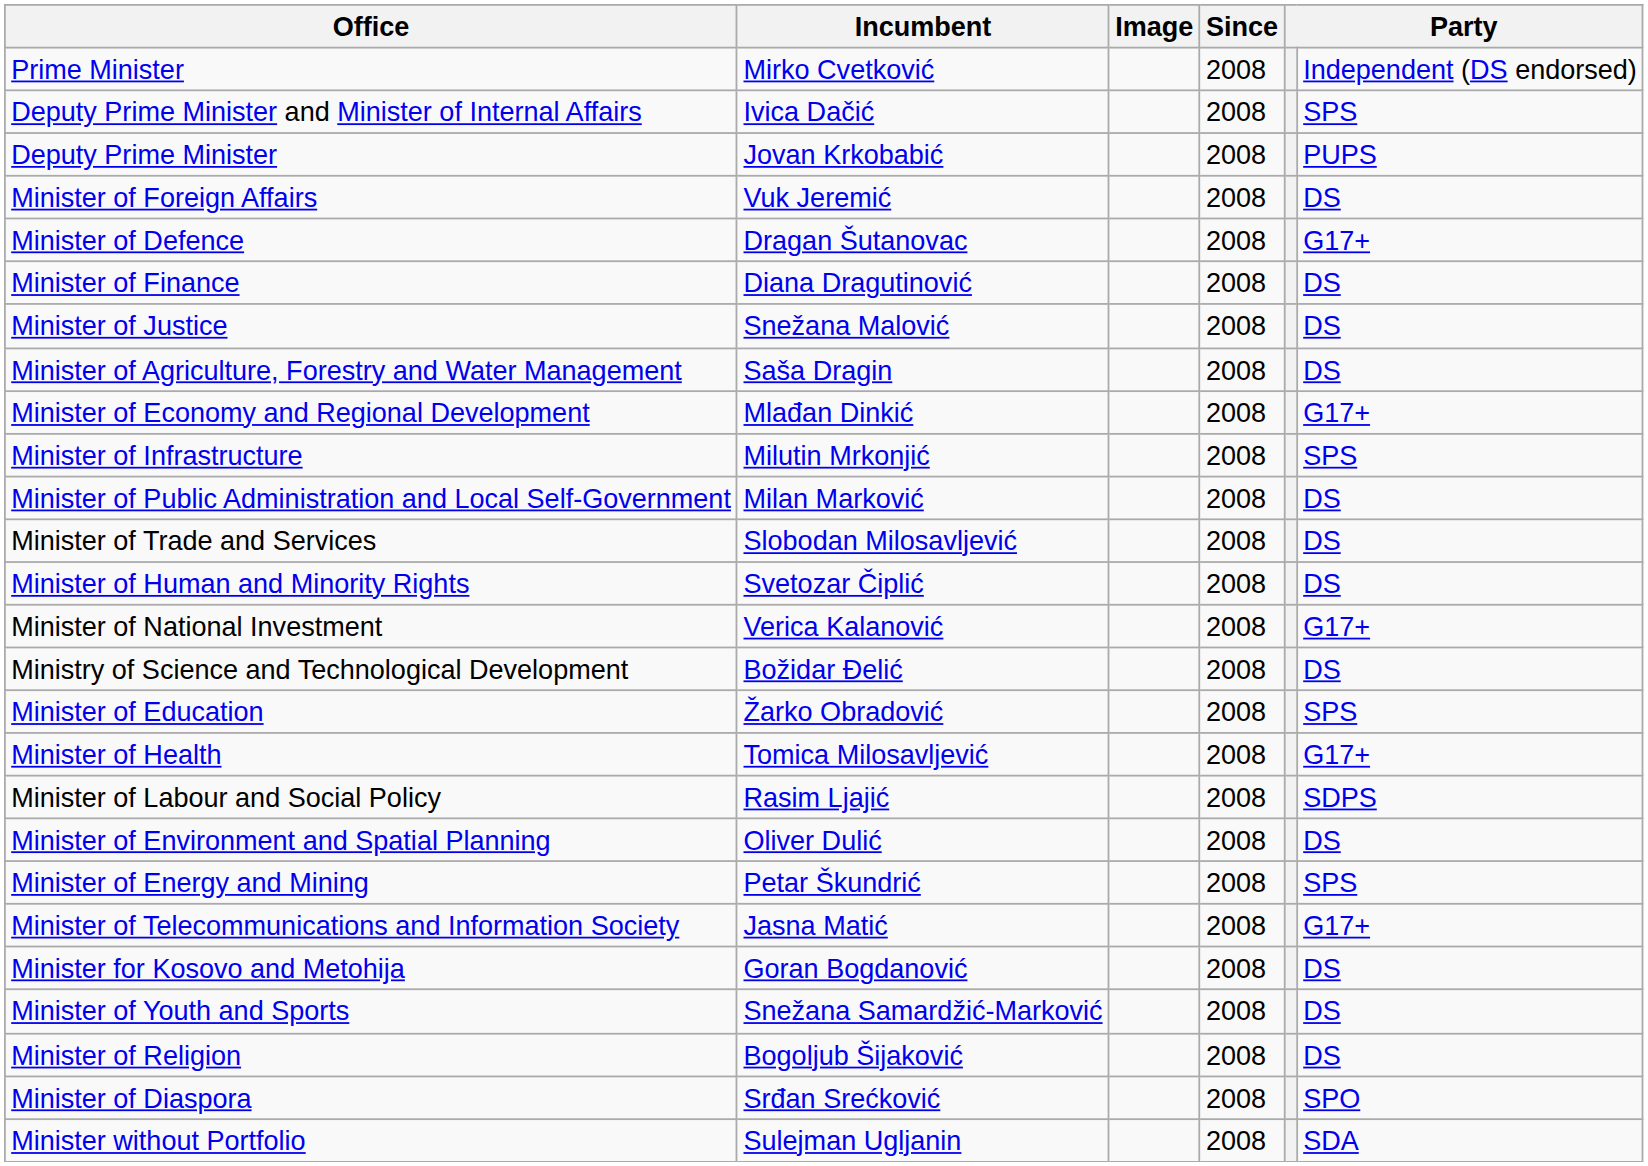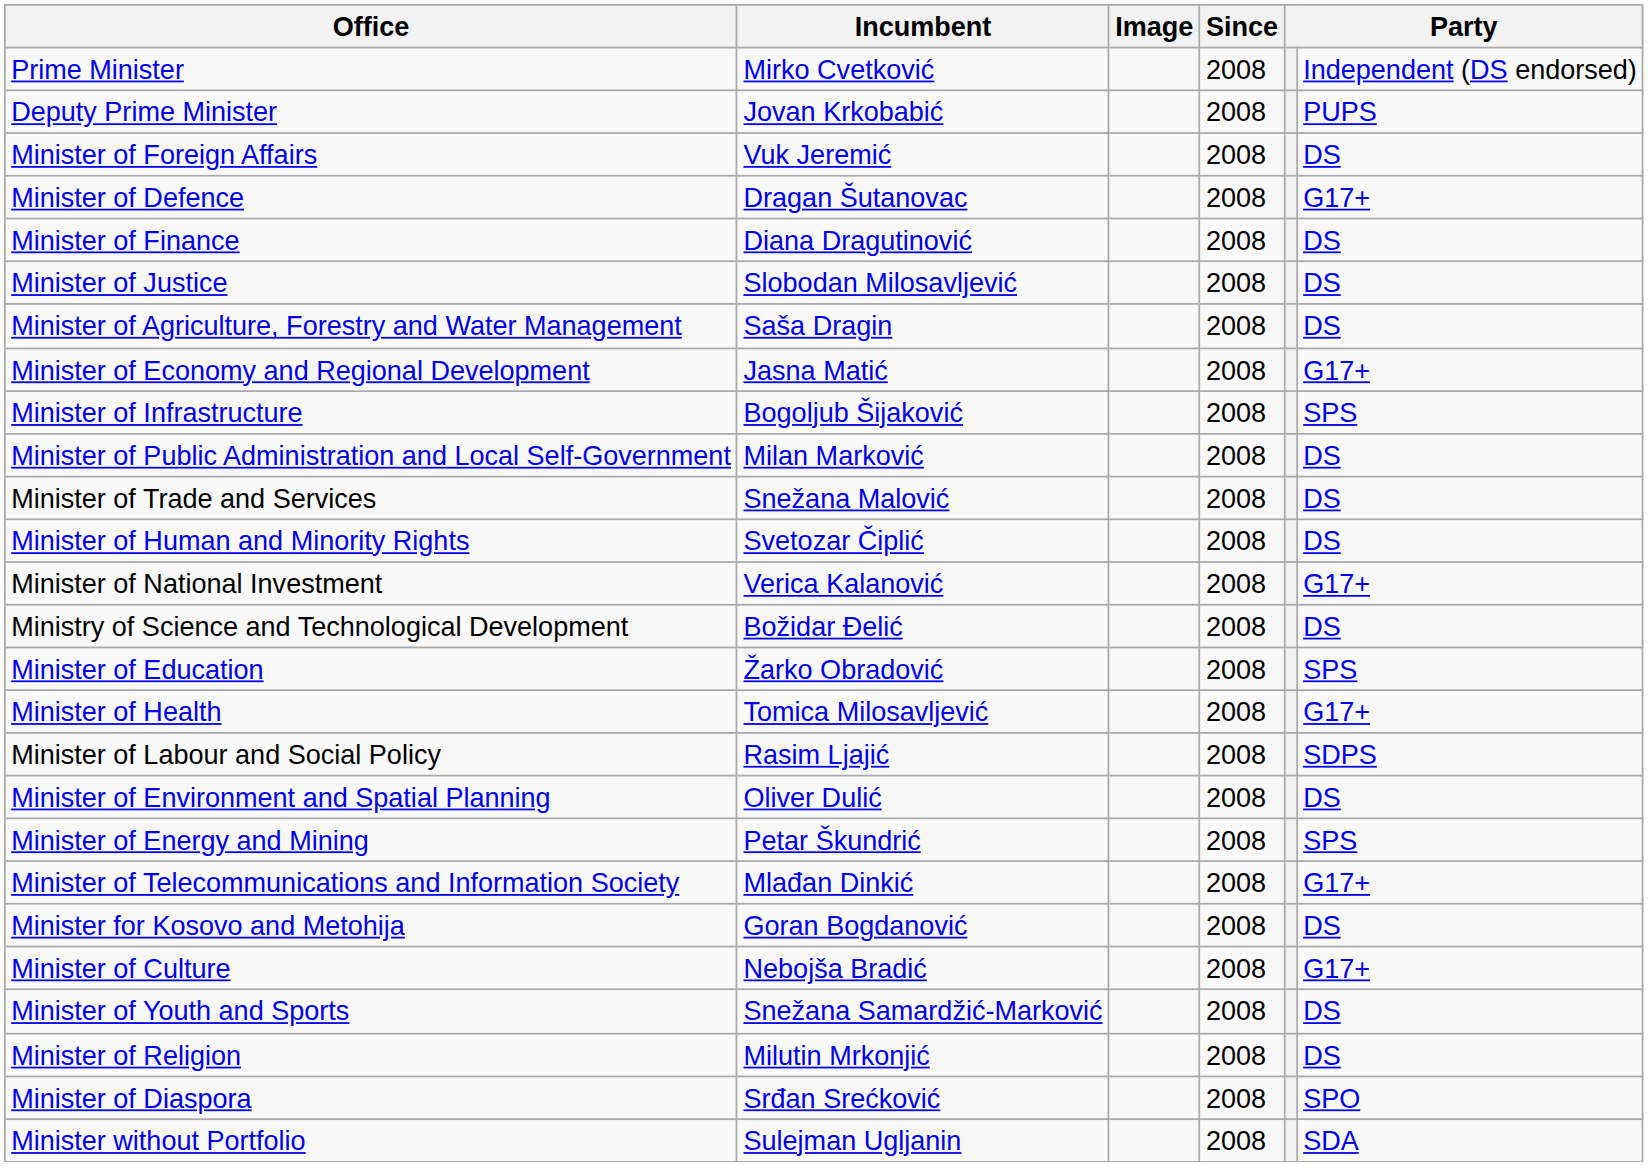 <table class="wikitable" style="font-size: 95%;">
 <tr>
 <th>Office</th>
 <th>Incumbent</th>
 <th>Image</th>
 <th>Since</th>
 <th colspan=2 bgcolor="#CCCCCC">Party</th>
 </tr>
 <tr>
 <td><a href='#'>Prime Minister</a></td>
 <td><a href='#'>Mirko Cvetković</a></td>
 <td></td>
 <td>2008</td>
 <th style="background:"></th>
 <td><a href='#'>Independent</a> (<a href='#'>DS</a> endorsed)</td>
-</tr>
-<tr>
-<td><a href='#'>Deputy Prime Minister</a> and <a href='#'>Minister of Internal Affairs</a></td>
-<td><a href='#'>Ivica Dačić</a></td>
-<td></td>
-<td>2008</td>
-<th style="background:"></th>
-<td><a href='#'>SPS</a></td>
 </tr>
 <tr>
 <td><a href='#'>Deputy Prime Minister</a></td>
 <td><a href='#'>Jovan Krkobabić</a></td>
 <td></td>
 <td>2008</td>
 <th style="background:"></th>
 <td><a href='#'>PUPS</a></td>
 </tr>
 <tr>
 <td><a href='#'>Minister of Foreign Affairs</a></td>
 <td><a href='#'>Vuk Jeremić</a></td>
 <td></td>
 <td>2008</td>
 <th style="background:"></th>
 <td><a href='#'>DS</a></td>
 </tr>
 <tr>
 <td><a href='#'>Minister of Defence</a></td>
 <td><a href='#'>Dragan Šutanovac</a></td>
 <td></td>
 <td>2008</td>
 <th style="background:"></th>
 <td><a href='#'>G17+</a></td>
 </tr>
 <tr>
 <td><a href='#'>Minister of Finance</a></td>
 <td><a href='#'>Diana Dragutinović</a></td>
 <td></td>
 <td>2008</td>
 <th style="background:"></th>
 <td><a href='#'>DS</a></td>
 </tr>
 <tr>
 <td><a href='#'>Minister of Justice</a></td>
-<td><a href='#'>Snežana Malović</a></td>
+<td><a href='#'>Slobodan Milosavljević</a></td>
 <td></td>
 <td>2008</td>
 <th style="background:"></th>
 <td><a href='#'>DS</a></td>
 </tr>
 <tr>
 <td><a href='#'>Minister of Agriculture, Forestry and Water Management</a></td>
 <td><a href='#'>Saša Dragin</a></td>
 <td></td>
 <td>2008</td>
 <th style="background:"></th>
 <td><a href='#'>DS</a></td>
 </tr>
 <tr>
 <td><a href='#'>Minister of Economy and Regional Development</a></td>
-<td><a href='#'>Mlađan Dinkić</a></td>
+<td><a href='#'>Jasna Matić</a></td>
 <td></td>
 <td>2008</td>
 <th style="background:"></th>
 <td><a href='#'>G17+</a></td>
 </tr>
 <tr>
 <td><a href='#'>Minister of Infrastructure</a></td>
-<td><a href='#'>Milutin Mrkonjić</a></td>
+<td><a href='#'>Bogoljub Šijaković</a></td>
 <td></td>
 <td>2008</td>
 <th style="background:"></th>
 <td><a href='#'>SPS</a></td>
 </tr>
 <tr>
 <td><a href='#'>Minister of Public Administration and Local Self-Government</a></td>
 <td><a href='#'>Milan Marković</a></td>
 <td></td>
 <td>2008</td>
 <th style="background:"></th>
 <td><a href='#'>DS</a></td>
 </tr>
 <tr>
 <td>Minister of Trade and Services</td>
-<td><a href='#'>Slobodan Milosavljević</a></td>
+<td><a href='#'>Snežana Malović</a></td>
 <td></td>
 <td>2008</td>
 <th style="background:"></th>
 <td><a href='#'>DS</a></td>
 </tr>
 <tr>
 <td><a href='#'>Minister of Human and Minority Rights</a></td>
 <td><a href='#'>Svetozar Čiplić</a></td>
 <td></td>
 <td>2008</td>
 <th style="background:"></th>
 <td><a href='#'>DS</a></td>
 </tr>
 <tr>
 <td>Minister of National Investment</td>
 <td><a href='#'>Verica Kalanović</a></td>
 <td></td>
 <td>2008</td>
 <th style="background:"></th>
 <td><a href='#'>G17+</a></td>
 </tr>
 <tr>
 <td>Ministry of Science and Technological Development</td>
 <td><a href='#'>Božidar Đelić</a></td>
 <td></td>
 <td>2008</td>
 <th style="background:"></th>
 <td><a href='#'>DS</a></td>
 </tr>
 <tr>
 <td><a href='#'>Minister of Education</a></td>
 <td><a href='#'>Žarko Obradović</a></td>
 <td></td>
 <td>2008</td>
 <th style="background:"></th>
 <td><a href='#'>SPS</a></td>
 </tr>
 <tr>
 <td><a href='#'>Minister of Health</a></td>
 <td><a href='#'>Tomica Milosavljević</a></td>
 <td></td>
 <td>2008</td>
 <th style="background:"></th>
 <td><a href='#'>G17+</a></td>
 </tr>
 <tr>
 <td>Minister of Labour and Social Policy</td>
 <td><a href='#'>Rasim Ljajić</a></td>
 <td></td>
 <td>2008</td>
 <th style="background:"></th>
 <td><a href='#'>SDPS</a></td>
 </tr>
 <tr>
 <td><a href='#'>Minister of Environment and Spatial Planning</a></td>
 <td><a href='#'>Oliver Dulić</a></td>
 <td></td>
 <td>2008</td>
 <th style="background:"></th>
 <td><a href='#'>DS</a></td>
 </tr>
 <tr>
 <td><a href='#'>Minister of Energy and Mining</a></td>
 <td><a href='#'>Petar Škundrić</a></td>
 <td></td>
 <td>2008</td>
 <th style="background:"></th>
 <td><a href='#'>SPS</a></td>
 </tr>
 <tr>
 <td><a href='#'>Minister of Telecommunications and Information Society</a></td>
-<td><a href='#'>Jasna Matić</a></td>
+<td><a href='#'>Mlađan Dinkić</a></td>
 <td></td>
 <td>2008</td>
 <th style="background:"></th>
 <td><a href='#'>G17+</a></td>
 </tr>
 <tr>
 <td><a href='#'>Minister for Kosovo and Metohija</a></td>
 <td><a href='#'>Goran Bogdanović</a></td>
 <td></td>
 <td>2008</td>
 <th style="background:"></th>
 <td><a href='#'>DS</a></td>
 </tr>
 <tr>
+<td><a href='#'>Minister of Culture</a></td>
+<td><a href='#'>Nebojša Bradić</a></td>
+<td></td>
+<td>2008</td>
+<th style="background:"></th>
+<td><a href='#'>G17+</a></td>
+</tr>
+<tr>
 <td><a href='#'>Minister of Youth and Sports</a></td>
 <td><a href='#'>Snežana Samardžić-Marković</a></td>
 <td></td>
 <td>2008</td>
 <th style="background:"></th>
 <td><a href='#'>DS</a></td>
 </tr>
 <tr>
 <td><a href='#'>Minister of Religion</a></td>
-<td><a href='#'>Bogoljub Šijaković</a></td>
+<td><a href='#'>Milutin Mrkonjić</a></td>
 <td></td>
 <td>2008</td>
 <th style="background:"></th>
 <td><a href='#'>DS</a></td>
 </tr>
 <tr>
 <td><a href='#'>Minister of Diaspora</a></td>
 <td><a href='#'>Srđan Srećković</a></td>
 <td></td>
 <td>2008</td>
 <th style="background:"></th>
 <td><a href='#'>SPO</a></td>
 </tr>
 <tr>
 <td><a href='#'>Minister without Portfolio</a></td>
 <td><a href='#'>Sulejman Ugljanin</a></td>
 <td></td>
 <td>2008</td>
 <th style="background:"></th>
 <td><a href='#'>SDA</a></td>
 </tr>
 </table>
